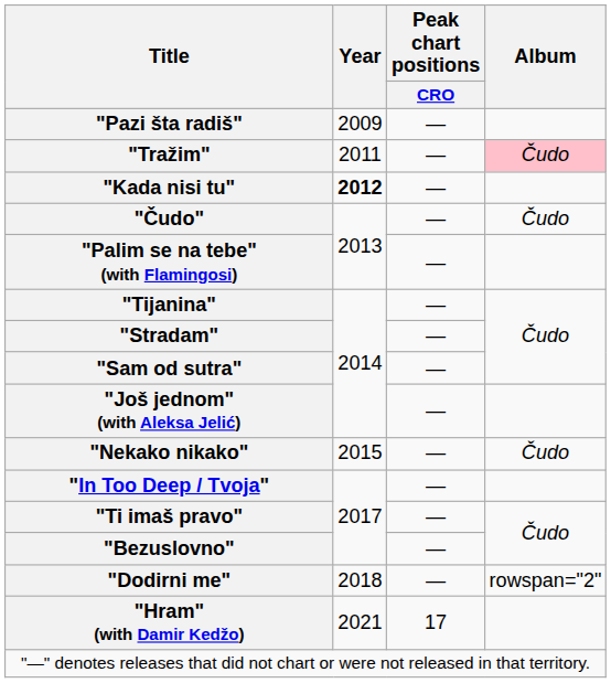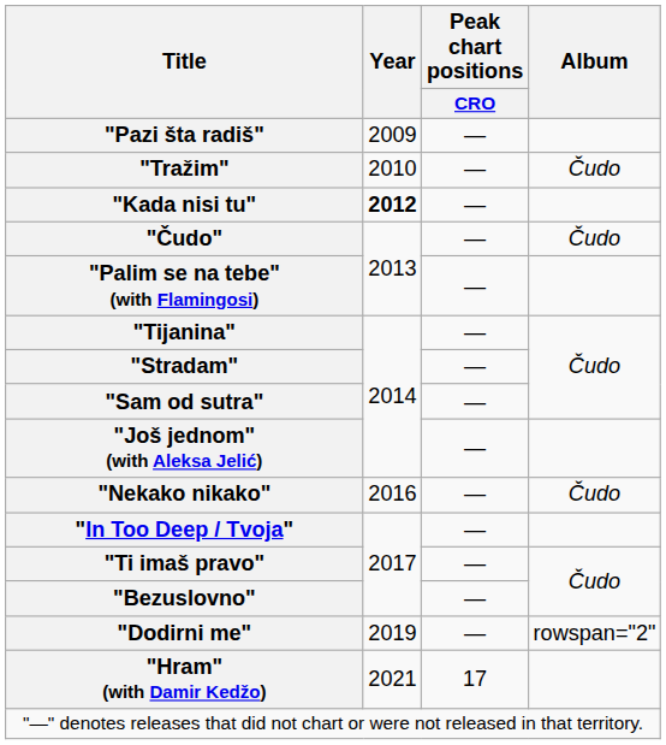 <table class="wikitable plainrowheaders" style="text-align:center;">
 <tr>
 <th scope="col" rowspan="2" style="width:16em;">Title</th>
 <th scope="col" rowspan="2" style="width:1em;">Year</th>
 <th scope="col" colspan="1">Peak chart positions</th>
 <th scope="col" rowspan="2">Album</th>
 </tr>
 <tr>
 <th scope="col" style="width:3em;font-size:85%;"><a href='#'>CRO</a><br></th>
 </tr>
 <tr>
 <th scope="row">"Pazi šta radiš"</th>
 <td>2009</td>
 <td>—</td>
 <td></td>
 </tr>
 <tr>
 <th scope="row">"Tražim"</th>
-<td>2011</td>
+<td>2010</td>
 <td>—</td>
-<td style="background: pink;"><em>Čudo</em></td>
+<td><em>Čudo</em></td>
 </tr>
 <tr>
 <th scope="row">"Kada nisi tu"</th>
 <td><strong>2012</strong></td>
 <td>—</td>
 <td></td>
 </tr>
 <tr>
 <th scope="row">"Čudo"</th>
 <td rowspan=2>2013</td>
 <td>—</td>
 <td><em>Čudo</em></td>
 </tr>
 <tr>
 <th scope="row">"Palim se na tebe"<br><small>(with <a href='#'>Flamingosi</a>)</small></th>
 <td>—</td>
 <td></td>
 </tr>
 <tr>
 <th scope="row">"Tijanina"</th>
 <td rowspan=4>2014</td>
 <td>—</td>
 <td rowspan=3><em>Čudo</em></td>
 </tr>
 <tr>
 <th scope="row">"Stradam"</th>
 <td>—</td>
 </tr>
 <tr>
 <th scope="row">"Sam od sutra"</th>
 <td>—</td>
 </tr>
 <tr>
 <th scope="row">"Još jednom"<br><small>(with <a href='#'>Aleksa Jelić</a>)</small></th>
 <td>—</td>
 <td></td>
 </tr>
 <tr>
 <th scope="row">"Nekako nikako"</th>
-<td>2015</td>
+<td>2016</td>
 <td>—</td>
 <td><em>Čudo</em></td>
 </tr>
 <tr>
 <th scope="row">"<a href='#'>In Too Deep / Tvoja</a>"</th>
 <td rowspan=3>2017</td>
 <td>—</td>
 <td></td>
 </tr>
 <tr>
 <th scope="row">"Ti imaš pravo"</th>
 <td>—</td>
 <td rowspan=2><em>Čudo</em></td>
 </tr>
 <tr>
 <th scope="row">"Bezuslovno"</th>
 <td>—</td>
 </tr>
 <tr>
 <th scope="row">"Dodirni me"</th>
-<td>2018</td>
+<td>2019</td>
 <td>—</td>
 <td>rowspan="2" </td>
 </tr>
 <tr>
 <th scope="row">"Hram"<br><small>(with <a href='#'>Damir Kedžo</a>)</small></th>
 <td>2021</td>
 <td>17</td>
 </tr>
 <tr>
 <td colspan="22" style="text-align:center; font-size:85%;">"—" denotes releases that did not chart or were not released in that territory.</td>
 </tr>
 </table>
